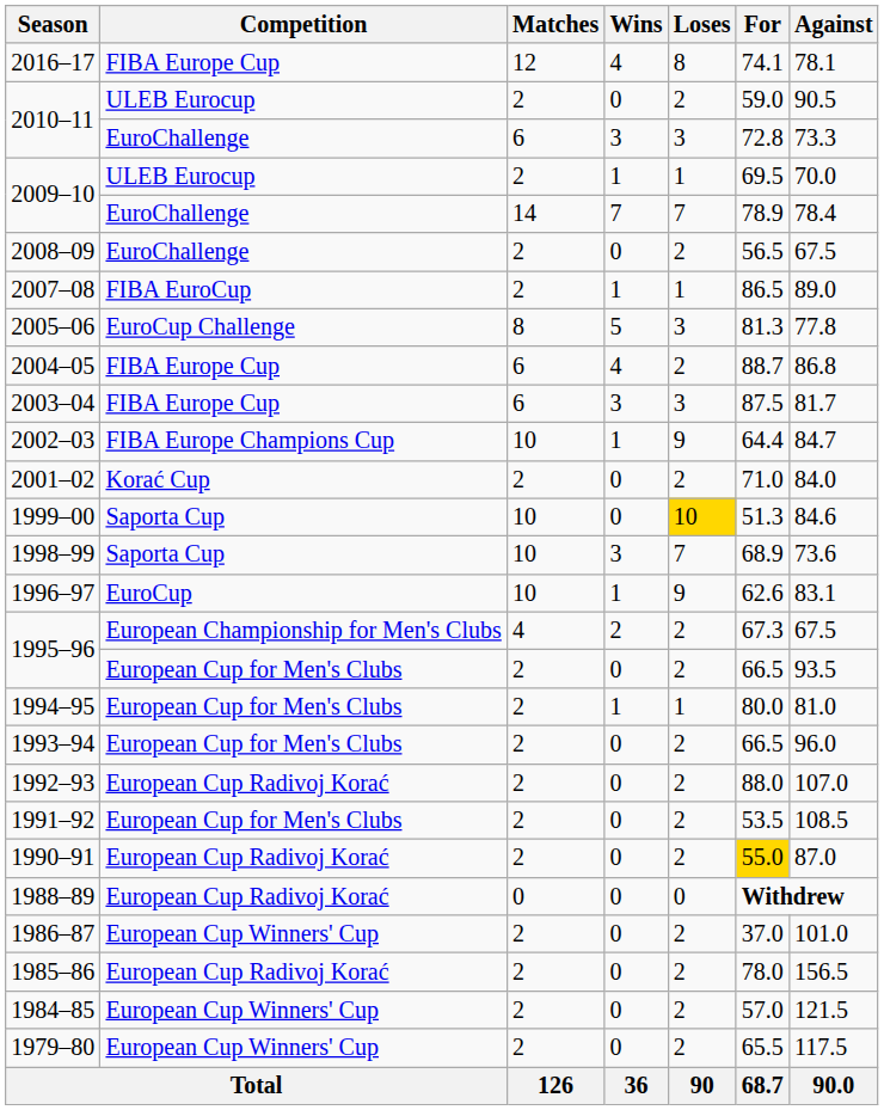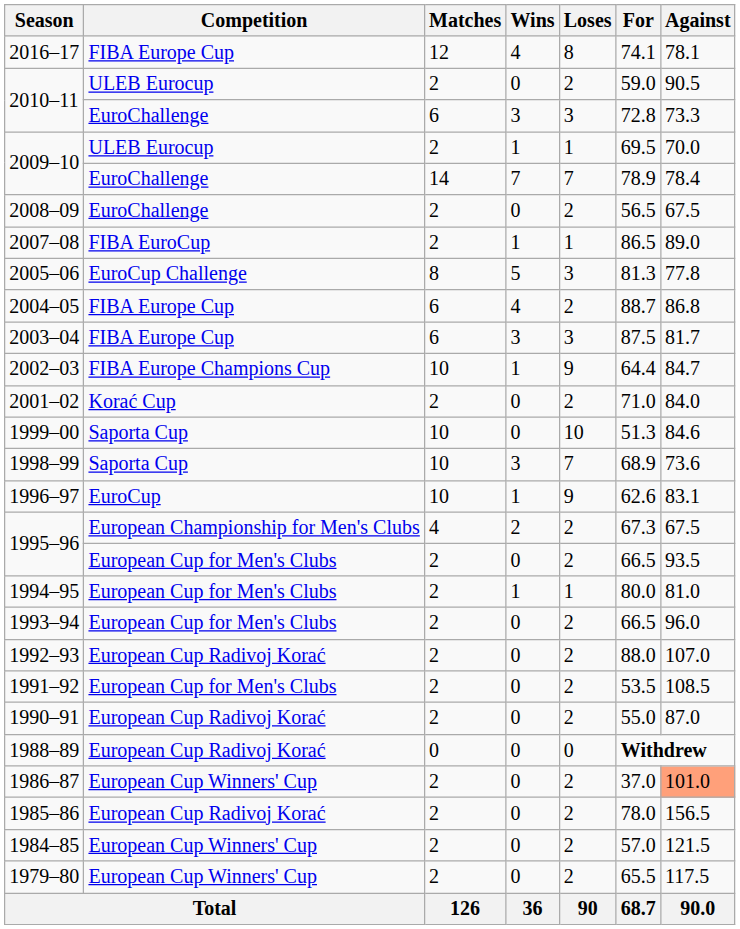 <table class="wikitable">
 <tr>
 <th>Season</th>
 <th>Competition</th>
 <th>Matches</th>
 <th>Wins</th>
 <th>Loses</th>
 <th>For</th>
 <th>Against</th>
 </tr>
 <tr>
 <td>2016–17</td>
 <td><a href='#'>FIBA Europe Cup</a></td>
 <td>12</td>
 <td>4</td>
 <td>8</td>
 <td>74.1</td>
 <td>78.1</td>
 </tr>
 <tr>
 <td rowspan="2">2010–11</td>
 <td><a href='#'>ULEB Eurocup</a></td>
 <td>2</td>
 <td>0</td>
 <td>2</td>
 <td>59.0</td>
 <td>90.5</td>
 </tr>
 <tr>
 <td><a href='#'>EuroChallenge</a></td>
 <td>6</td>
 <td>3</td>
 <td>3</td>
 <td>72.8</td>
 <td>73.3</td>
 </tr>
 <tr>
 <td rowspan="2">2009–10</td>
 <td><a href='#'>ULEB Eurocup</a></td>
 <td>2</td>
 <td>1</td>
 <td>1</td>
 <td>69.5</td>
 <td>70.0</td>
 </tr>
 <tr>
 <td><a href='#'>EuroChallenge</a></td>
 <td>14</td>
 <td>7</td>
 <td>7</td>
 <td>78.9</td>
 <td>78.4</td>
 </tr>
 <tr>
 <td>2008–09</td>
 <td><a href='#'>EuroChallenge</a></td>
 <td>2</td>
 <td>0</td>
 <td>2</td>
 <td>56.5</td>
 <td>67.5</td>
 </tr>
 <tr>
 <td>2007–08</td>
 <td><a href='#'>FIBA EuroCup</a></td>
 <td>2</td>
 <td>1</td>
 <td>1</td>
 <td>86.5</td>
 <td>89.0</td>
 </tr>
 <tr>
 <td>2005–06</td>
 <td><a href='#'>EuroCup Challenge</a></td>
 <td>8</td>
 <td>5</td>
 <td>3</td>
 <td>81.3</td>
 <td>77.8</td>
 </tr>
 <tr>
 <td>2004–05</td>
 <td><a href='#'>FIBA Europe Cup</a></td>
 <td>6</td>
 <td>4</td>
 <td>2</td>
 <td>88.7</td>
 <td>86.8</td>
 </tr>
 <tr>
 <td>2003–04</td>
 <td><a href='#'>FIBA Europe Cup</a></td>
 <td>6</td>
 <td>3</td>
 <td>3</td>
 <td>87.5</td>
 <td>81.7</td>
 </tr>
 <tr>
 <td>2002–03</td>
 <td><a href='#'>FIBA Europe Champions Cup</a></td>
 <td>10</td>
 <td>1</td>
 <td>9</td>
 <td>64.4</td>
 <td>84.7</td>
 </tr>
 <tr>
 <td>2001–02</td>
 <td><a href='#'>Korać Cup</a></td>
 <td>2</td>
 <td>0</td>
 <td>2</td>
 <td>71.0</td>
 <td>84.0</td>
 </tr>
 <tr>
 <td>1999–00</td>
 <td><a href='#'>Saporta Cup</a></td>
 <td>10</td>
 <td>0</td>
-<td style="background: gold;">10</td>
+<td>10</td>
 <td>51.3</td>
 <td>84.6</td>
 </tr>
 <tr>
 <td>1998–99</td>
 <td><a href='#'>Saporta Cup</a></td>
 <td>10</td>
 <td>3</td>
 <td>7</td>
 <td>68.9</td>
 <td>73.6</td>
 </tr>
 <tr>
 <td>1996–97</td>
 <td><a href='#'>EuroCup</a></td>
 <td>10</td>
 <td>1</td>
 <td>9</td>
 <td>62.6</td>
 <td>83.1</td>
 </tr>
 <tr>
 <td rowspan="2">1995–96</td>
 <td><a href='#'>European Championship for Men's Clubs</a></td>
 <td>4</td>
 <td>2</td>
 <td>2</td>
 <td>67.3</td>
 <td>67.5</td>
 </tr>
 <tr>
 <td><a href='#'>European Cup for Men's Clubs</a></td>
 <td>2</td>
 <td>0</td>
 <td>2</td>
 <td>66.5</td>
 <td>93.5</td>
 </tr>
 <tr>
 <td>1994–95</td>
 <td><a href='#'>European Cup for Men's Clubs</a></td>
 <td>2</td>
 <td>1</td>
 <td>1</td>
 <td>80.0</td>
 <td>81.0</td>
 </tr>
 <tr>
 <td>1993–94</td>
 <td><a href='#'>European Cup for Men's Clubs</a></td>
 <td>2</td>
 <td>0</td>
 <td>2</td>
 <td>66.5</td>
 <td>96.0</td>
 </tr>
 <tr>
 <td>1992–93</td>
 <td><a href='#'>European Cup Radivoj Korać</a></td>
 <td>2</td>
 <td>0</td>
 <td>2</td>
 <td>88.0</td>
 <td>107.0</td>
 </tr>
 <tr>
 <td>1991–92</td>
 <td><a href='#'>European Cup for Men's Clubs</a></td>
 <td>2</td>
 <td>0</td>
 <td>2</td>
 <td>53.5</td>
 <td>108.5</td>
 </tr>
 <tr>
 <td>1990–91</td>
 <td><a href='#'>European Cup Radivoj Korać</a></td>
 <td>2</td>
 <td>0</td>
 <td>2</td>
-<td style="background: gold;">55.0</td>
+<td>55.0</td>
 <td>87.0</td>
 </tr>
 <tr>
 <td>1988–89</td>
 <td><a href='#'>European Cup Radivoj Korać</a></td>
 <td>0</td>
 <td>0</td>
 <td>0</td>
 <td colspan="2"><strong>Withdrew</strong></td>
 </tr>
 <tr>
 <td>1986–87</td>
 <td><a href='#'>European Cup Winners' Cup</a></td>
 <td>2</td>
 <td>0</td>
 <td>2</td>
 <td>37.0</td>
-<td>101.0</td>
+<td style="background: lightsalmon;">101.0</td>
 </tr>
 <tr>
 <td>1985–86</td>
 <td><a href='#'>European Cup Radivoj Korać</a></td>
 <td>2</td>
 <td>0</td>
 <td>2</td>
 <td>78.0</td>
 <td>156.5</td>
 </tr>
 <tr>
 <td>1984–85</td>
 <td><a href='#'>European Cup Winners' Cup</a></td>
 <td>2</td>
 <td>0</td>
 <td>2</td>
 <td>57.0</td>
 <td>121.5</td>
 </tr>
 <tr>
 <td>1979–80</td>
 <td><a href='#'>European Cup Winners' Cup</a></td>
 <td>2</td>
 <td>0</td>
 <td>2</td>
 <td>65.5</td>
 <td>117.5</td>
 </tr>
 <tr>
 <th colspan=2>Total</th>
 <th>126</th>
 <th>36</th>
 <th>90</th>
 <th>68.7</th>
 <th>90.0</th>
 </tr>
 </table>
